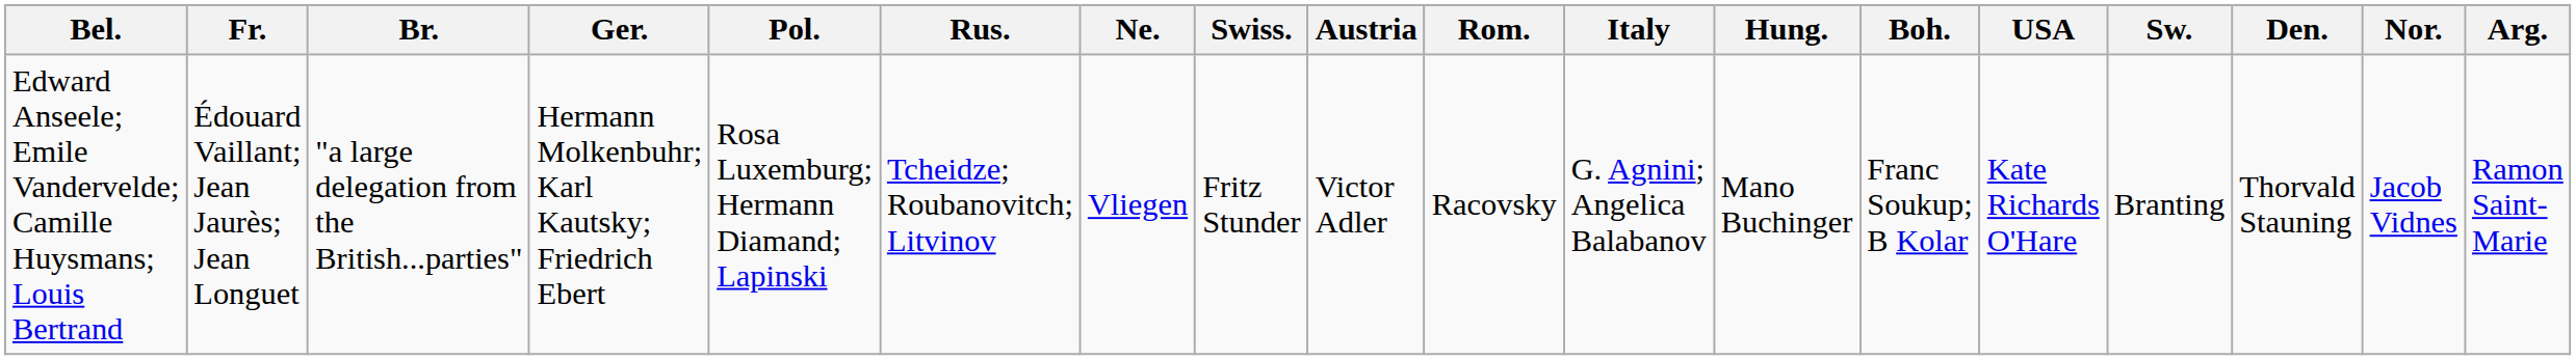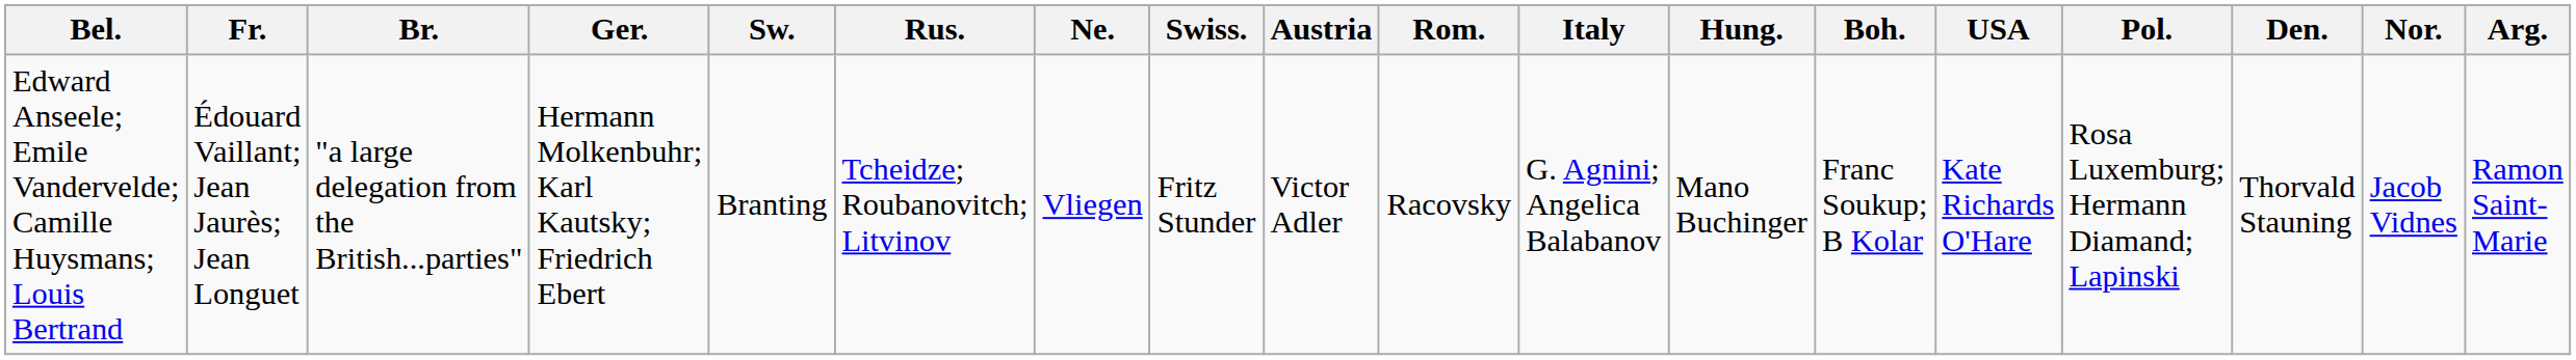 <table class="wikitable" border="1">
 <tr>
 <th>Bel.</th>
 <th>Fr.</th>
 <th>Br.</th>
 <th>Ger.</th>
-<th>Pol.</th>
+<th>Sw.</th>
 <th>Rus.</th>
 <th>Ne.</th>
 <th>Swiss.</th>
 <th>Austria</th>
 <th>Rom.</th>
 <th>Italy</th>
 <th>Hung.</th>
 <th>Boh.</th>
 <th>USA</th>
-<th>Sw.</th>
+<th>Pol.</th>
 <th>Den.</th>
 <th>Nor.</th>
 <th>Arg.</th>
 </tr>
 <tr>
 <td>Edward Anseele; Emile Vandervelde; Camille Huysmans; <a href='#'>Louis Bertrand</a></td>
 <td>Édouard Vaillant; Jean Jaurès; Jean Longuet</td>
 <td>"a large delegation from the British...parties"</td>
 <td>Hermann Molkenbuhr; Karl Kautsky; Friedrich Ebert</td>
-<td>Rosa Luxemburg; Hermann Diamand; <a href='#'>Lapinski</a></td>
+<td>Branting</td>
 <td><a href='#'>Tcheidze</a>; Roubanovitch; <a href='#'>Litvinov</a></td>
 <td><a href='#'>Vliegen</a></td>
 <td>Fritz Stunder</td>
 <td>Victor Adler</td>
 <td>Racovsky</td>
 <td>G. <a href='#'>Agnini</a>; Angelica Balabanov</td>
 <td>Mano Buchinger</td>
 <td>Franc Soukup; B <a href='#'>Kolar</a></td>
 <td><a href='#'>Kate Richards O'Hare</a></td>
-<td>Branting</td>
+<td>Rosa Luxemburg; Hermann Diamand; <a href='#'>Lapinski</a></td>
 <td>Thorvald Stauning</td>
 <td><a href='#'>Jacob Vidnes</a></td>
 <td><a href='#'>Ramon Saint-Marie</a></td>
 </tr>
 </table>
